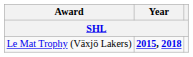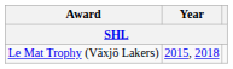 <table class="wikitable">
 <tr>
 <th>Award</th>
 <th>Year</th>
 <th></th>
 </tr>
 <tr>
 <th colspan="3"><a href='#'>SHL</a></th>
 </tr>
 <tr>
 <td><a href='#'>Le Mat Trophy</a> (Växjö Lakers)</td>
-<td><strong><a href='#'>2015</a>, <a href='#'>2018</a></strong></td>
+<td><a href='#'>2015</a>, <a href='#'>2018</a></td>
 <td></td>
 </tr>
 </table>
